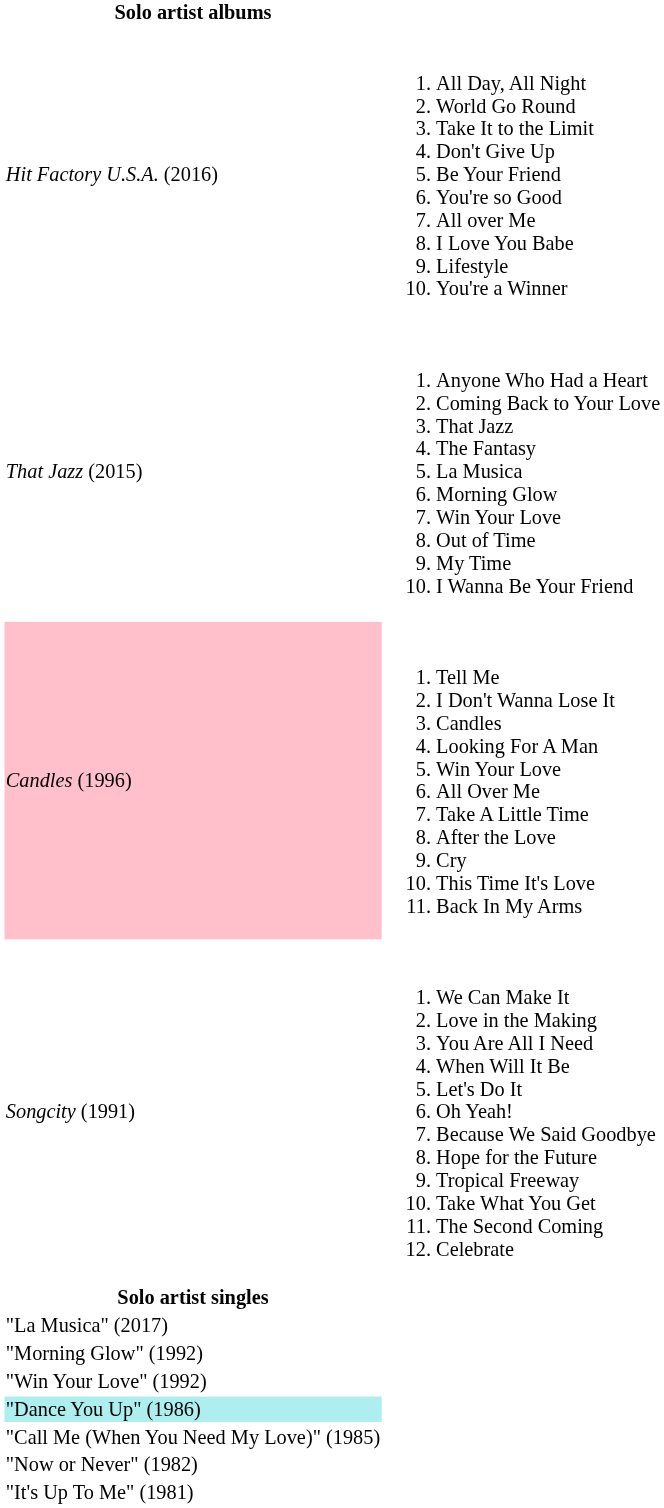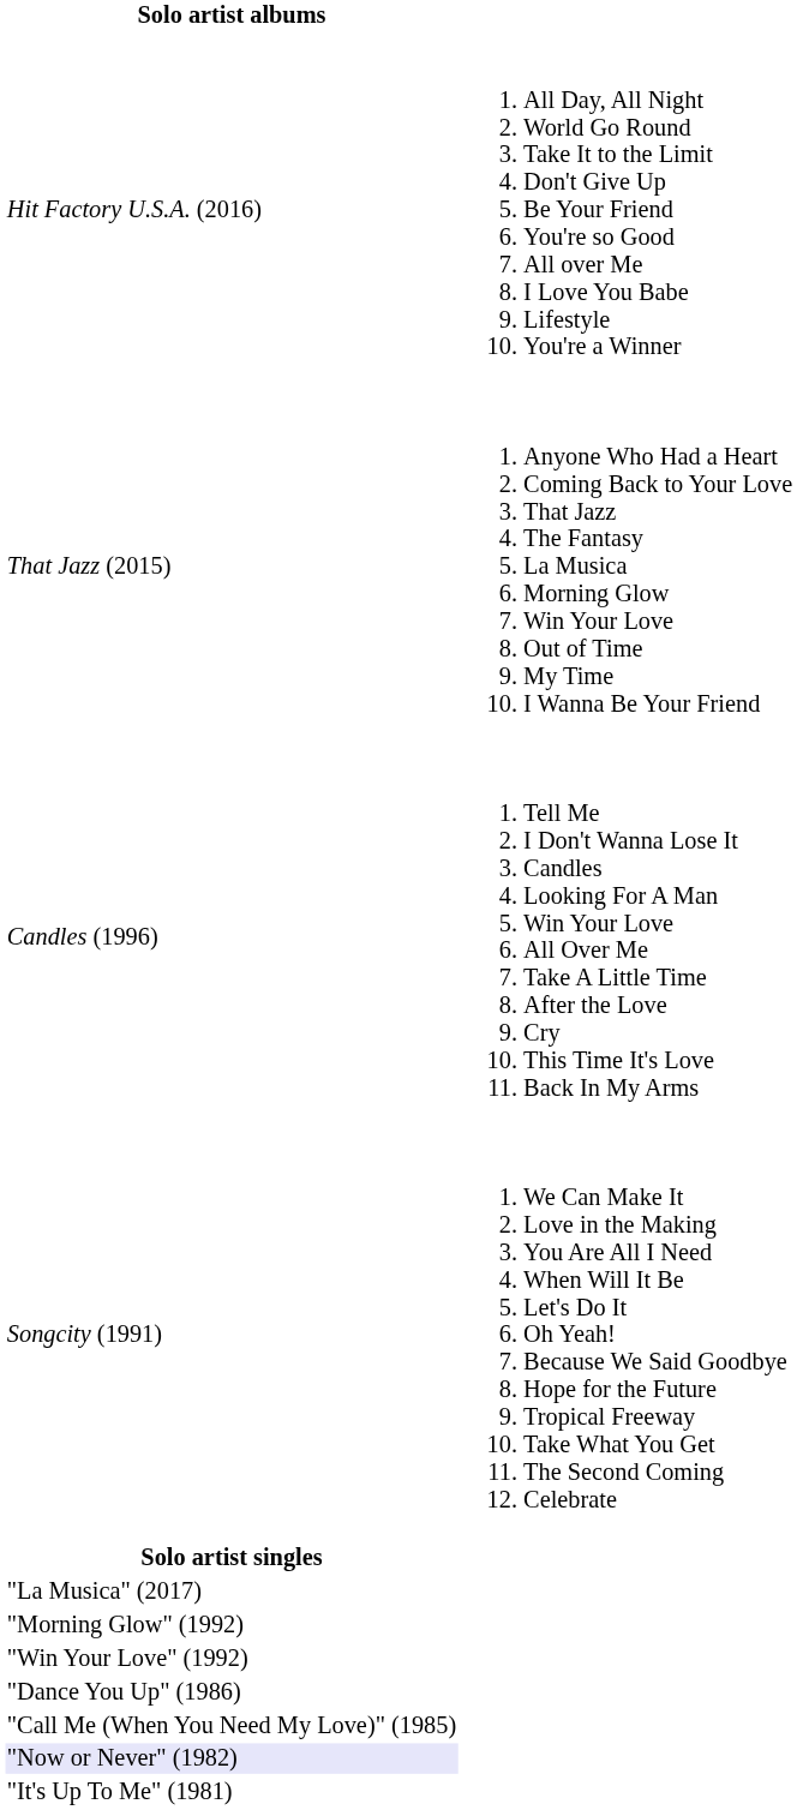 <table>
 <tr>
 <th>Solo artist albums</th>
 <th></th>
 </tr>
 <tr>
 <td><em>Hit Factory U.S.A.</em> (2016)</td>
 <td><br><ol><li>All Day, All Night</li><li>World Go Round</li><li>Take It to the Limit</li><li>Don't Give Up</li><li>Be Your Friend</li><li>You're so Good</li><li>All over Me</li><li>I Love You Babe</li><li>Lifestyle</li><li>You're a Winner</li></ol></td>
 </tr>
 <tr>
 <td><em>That Jazz</em> (2015)</td>
 <td><br><ol><li>Anyone Who Had a Heart</li><li>Coming Back to Your Love</li><li>That Jazz</li><li>The Fantasy</li><li>La Musica</li><li>Morning Glow</li><li>Win Your Love</li><li>Out of Time</li><li>My Time</li><li>I Wanna Be Your Friend</li></ol></td>
 </tr>
 <tr>
-<td style="background: pink;"><em>Candles</em> (1996)</td>
+<td><em>Candles</em> (1996)</td>
 <td><br><ol><li>Tell Me</li><li>I Don't Wanna Lose It</li><li>Candles</li><li>Looking For A Man</li><li>Win Your Love</li><li>All Over Me</li><li>Take A Little Time</li><li>After the Love</li><li>Cry</li><li>This Time It's Love</li><li>Back In My Arms</li></ol></td>
 </tr>
 <tr>
 <td><em>Songcity</em> (1991)</td>
 <td><br><ol><li>We Can Make It</li><li>Love in the Making</li><li>You Are All I Need</li><li>When Will It Be</li><li>Let's Do It</li><li>Oh Yeah!</li><li>Because We Said Goodbye</li><li>Hope for the Future</li><li>Tropical Freeway</li><li>Take What You Get</li><li>The Second Coming</li><li>Celebrate</li></ol></td>
 </tr>
 <tr>
 <th>Solo artist singles</th>
 <td rowspan="8"></td>
 </tr>
 <tr>
 <td>"La Musica" (2017)</td>
 </tr>
 <tr>
 <td>"Morning Glow" (1992)</td>
 </tr>
 <tr>
 <td>"Win Your Love" (1992)</td>
 </tr>
 <tr>
-<td style="background: paleturquoise;">"Dance You Up" (1986)</td>
+<td>"Dance You Up" (1986)</td>
 </tr>
 <tr>
 <td>"Call Me (When You Need My Love)" (1985)</td>
 </tr>
 <tr>
-<td>"Now or Never" (1982)</td>
+<td style="background: lavender;">"Now or Never" (1982)</td>
 </tr>
 <tr>
 <td>"It's Up To Me" (1981)</td>
 </tr>
 </table>
